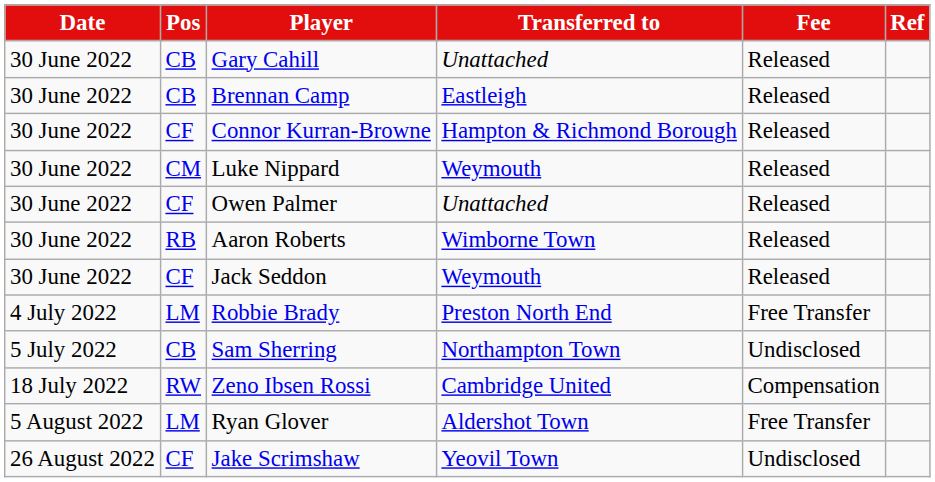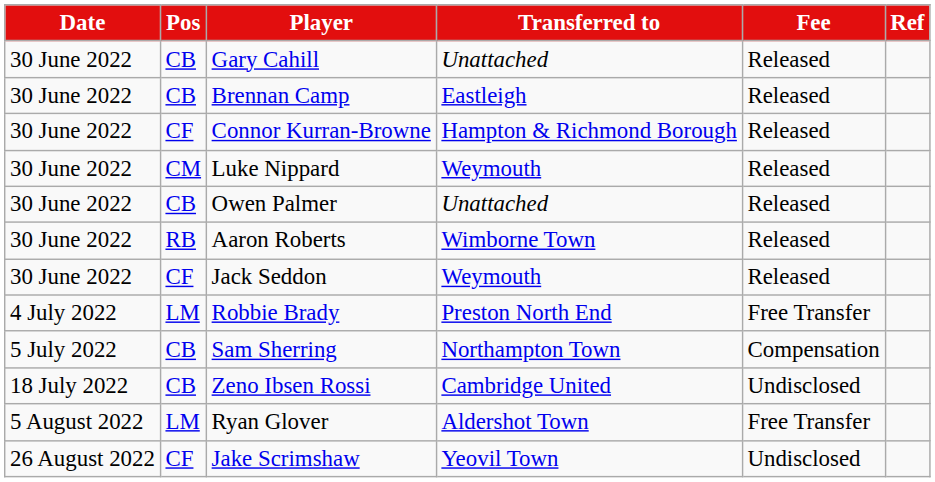 <table class="wikitable plainrowheaders sortable">
 <tr>
 <th style="background:#e20e0e; color:#ffffff; ">Date</th>
 <th style="background:#e20e0e; color:#ffffff; ">Pos</th>
 <th style="background:#e20e0e; color:#ffffff; ">Player</th>
 <th style="background:#e20e0e; color:#ffffff; ">Transferred to</th>
 <th style="background:#e20e0e; color:#ffffff; ">Fee</th>
 <th style="background:#e20e0e; color:#ffffff; ">Ref</th>
 </tr>
 <tr>
 <td>30 June 2022</td>
 <td><a href='#'>CB</a></td>
 <td> <a href='#'>Gary Cahill</a></td>
 <td> <em>Unattached</em></td>
 <td>Released</td>
 <td></td>
 </tr>
 <tr>
 <td>30 June 2022</td>
 <td><a href='#'>CB</a></td>
 <td> <a href='#'>Brennan Camp</a></td>
 <td> <a href='#'>Eastleigh</a></td>
 <td>Released</td>
 <td></td>
 </tr>
 <tr>
 <td>30 June 2022</td>
 <td><a href='#'>CF</a></td>
 <td> <a href='#'>Connor Kurran-Browne</a></td>
 <td> <a href='#'>Hampton & Richmond Borough</a></td>
 <td>Released</td>
 <td></td>
 </tr>
 <tr>
 <td>30 June 2022</td>
 <td><a href='#'>CM</a></td>
 <td> Luke Nippard</td>
 <td> <a href='#'>Weymouth</a></td>
 <td>Released</td>
 <td></td>
 </tr>
 <tr>
 <td>30 June 2022</td>
-<td><a href='#'>CF</a></td>
+<td><a href='#'>CB</a></td>
 <td> Owen Palmer</td>
 <td> <em>Unattached</em></td>
 <td>Released</td>
 <td></td>
 </tr>
 <tr>
 <td>30 June 2022</td>
 <td><a href='#'>RB</a></td>
 <td> Aaron Roberts</td>
 <td> <a href='#'>Wimborne Town</a></td>
 <td>Released</td>
 <td></td>
 </tr>
 <tr>
 <td>30 June 2022</td>
 <td><a href='#'>CF</a></td>
 <td> Jack Seddon</td>
 <td> <a href='#'>Weymouth</a></td>
 <td>Released</td>
 <td></td>
 </tr>
 <tr>
 <td>4 July 2022</td>
 <td><a href='#'>LM</a></td>
 <td> <a href='#'>Robbie Brady</a></td>
 <td> <a href='#'>Preston North End</a></td>
 <td>Free Transfer</td>
 <td></td>
 </tr>
 <tr>
 <td>5 July 2022</td>
 <td><a href='#'>CB</a></td>
 <td> <a href='#'>Sam Sherring</a></td>
 <td> <a href='#'>Northampton Town</a></td>
-<td>Undisclosed</td>
+<td>Compensation</td>
 <td></td>
 </tr>
 <tr>
 <td>18 July 2022</td>
-<td><a href='#'>RW</a></td>
+<td><a href='#'>CB</a></td>
 <td> <a href='#'>Zeno Ibsen Rossi</a></td>
 <td> <a href='#'>Cambridge United</a></td>
-<td>Compensation</td>
+<td>Undisclosed</td>
 <td></td>
 </tr>
 <tr>
 <td>5 August 2022</td>
 <td><a href='#'>LM</a></td>
 <td> Ryan Glover</td>
 <td> <a href='#'>Aldershot Town</a></td>
 <td>Free Transfer</td>
 <td></td>
 </tr>
 <tr>
 <td>26 August 2022</td>
 <td><a href='#'>CF</a></td>
 <td> <a href='#'>Jake Scrimshaw</a></td>
 <td> <a href='#'>Yeovil Town</a></td>
 <td>Undisclosed</td>
 <td></td>
 </tr>
 </table>
